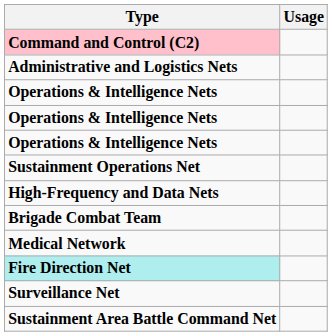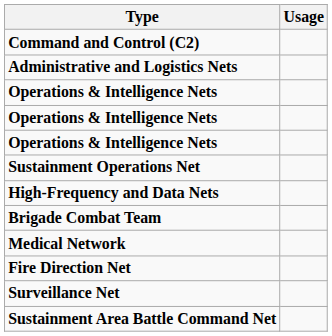 <table class="wikitable">
 <tr>
 <th>Type</th>
 <th>Usage</th>
 </tr>
 <tr>
-<td style="background: pink;"><strong>Command and Control (C2)</strong></td>
+<td><strong>Command and Control (C2)</strong></td>
 <td></td>
 </tr>
 <tr>
 <td><strong>Administrative and Logistics Nets</strong></td>
 <td></td>
 </tr>
 <tr>
 <td><strong>Operations & Intelligence Nets</strong></td>
 <td></td>
 </tr>
 <tr>
 <td><strong>Operations & Intelligence Nets</strong></td>
 <td></td>
 </tr>
 <tr>
 <td><strong>Operations & Intelligence Nets</strong></td>
 <td></td>
 </tr>
 <tr>
 <td><strong>Sustainment Operations Net</strong></td>
 <td></td>
 </tr>
 <tr>
 <td><strong>High-Frequency and Data Nets</strong></td>
 <td></td>
 </tr>
 <tr>
 <td><strong>Brigade Combat Team</strong></td>
 <td></td>
 </tr>
 <tr>
 <td><strong>Medical Network</strong></td>
 <td></td>
 </tr>
 <tr>
-<td style="background: paleturquoise;"><strong>Fire Direction Net</strong></td>
+<td><strong>Fire Direction Net</strong></td>
 <td></td>
 </tr>
 <tr>
 <td><strong>Surveillance Net</strong></td>
 <td></td>
 </tr>
 <tr>
 <td><strong>Sustainment Area Battle Command Net</strong></td>
 <td></td>
 </tr>
 </table>
